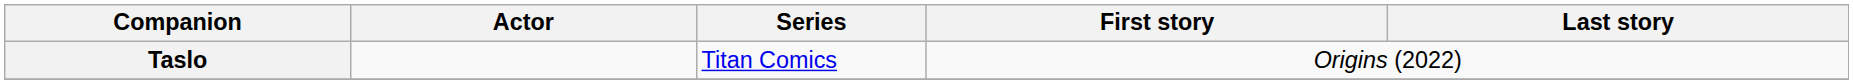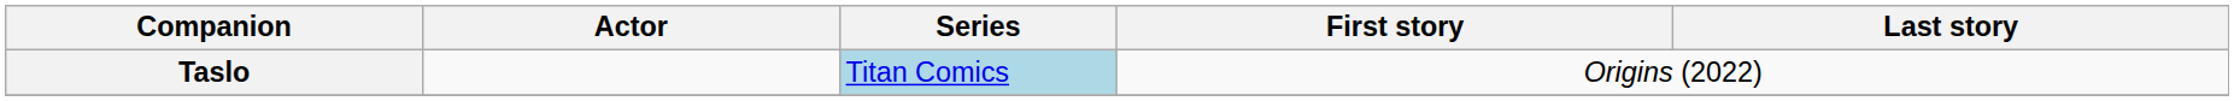 <table class="wikitable plainrowheaders" style="width:100%;">
 <tr>
 <th scope="col" style="width:15%;">Companion</th>
 <th scope="col" style="width:15%;">Actor</th>
 <th scope="col" style="width:10%;">Series</th>
 <th scope="col" style="width:20%;">First story</th>
 <th scope="col" style="width:20%;">Last story</th>
 </tr>
 <tr>
 <th scope="row">Taslo</th>
 <td></td>
-<td><a href='#'>Titan Comics</a></td>
+<td style="background: lightblue;"><a href='#'>Titan Comics</a></td>
 <td align="center" colspan="2"><em>Origins</em> (2022)</td>
 </tr>
 <tr>
 </tr>
 </table>
